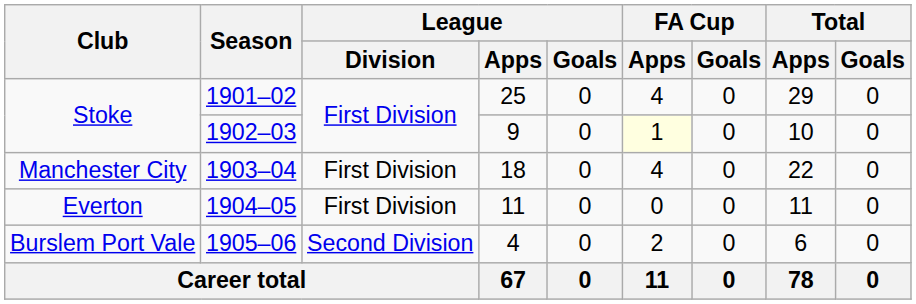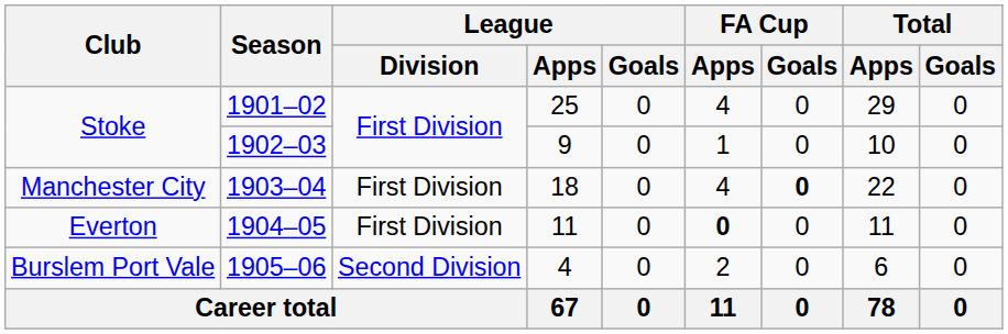 <table class="wikitable" style="text-align: center;">
 <tr>
 <th rowspan="2">Club</th>
 <th rowspan="2">Season</th>
 <th colspan="3">League</th>
 <th colspan="2">FA Cup</th>
 <th colspan="2">Total</th>
 </tr>
 <tr>
 <th>Division</th>
 <th>Apps</th>
 <th>Goals</th>
 <th>Apps</th>
 <th>Goals</th>
 <th>Apps</th>
 <th>Goals</th>
 </tr>
 <tr>
 <td rowspan="2"><a href='#'>Stoke</a></td>
 <td><a href='#'>1901–02</a></td>
 <td rowspan="2"><a href='#'>First Division</a></td>
 <td>25</td>
 <td>0</td>
 <td>4</td>
 <td>0</td>
 <td>29</td>
 <td>0</td>
 </tr>
 <tr>
 <td><a href='#'>1902–03</a></td>
 <td>9</td>
 <td>0</td>
-<td style="background: lightyellow;">1</td>
+<td>1</td>
 <td>0</td>
 <td>10</td>
 <td>0</td>
 </tr>
 <tr>
 <td><a href='#'>Manchester City</a></td>
 <td><a href='#'>1903–04</a></td>
 <td>First Division</td>
 <td>18</td>
 <td>0</td>
 <td>4</td>
-<td>0</td>
+<td><strong>0</strong></td>
 <td>22</td>
 <td>0</td>
 </tr>
 <tr>
 <td><a href='#'>Everton</a></td>
 <td><a href='#'>1904–05</a></td>
 <td>First Division</td>
 <td>11</td>
 <td>0</td>
-<td>0</td>
+<td><strong>0</strong></td>
 <td>0</td>
 <td>11</td>
 <td>0</td>
 </tr>
 <tr>
 <td><a href='#'>Burslem Port Vale</a></td>
 <td><a href='#'>1905–06</a></td>
 <td><a href='#'>Second Division</a></td>
 <td>4</td>
 <td>0</td>
 <td>2</td>
 <td>0</td>
 <td>6</td>
 <td>0</td>
 </tr>
 <tr>
 <th colspan="3">Career total</th>
 <th>67</th>
 <th>0</th>
 <th>11</th>
 <th>0</th>
 <th>78</th>
 <th>0</th>
 </tr>
 </table>
